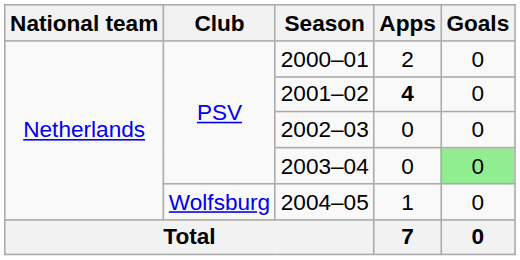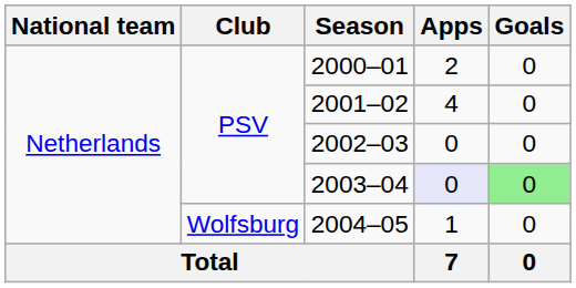 <table class="wikitable" style="text-align: center; font-size:90%">
 <tr>
 <th>National team</th>
 <th>Club</th>
 <th>Season</th>
 <th>Apps</th>
 <th>Goals</th>
 </tr>
 <tr>
 <td rowspan="5" valign="center"><a href='#'>Netherlands</a></td>
 <td rowspan="4" valign="center"><a href='#'>PSV</a></td>
 <td>2000–01</td>
 <td>2</td>
 <td>0</td>
 </tr>
 <tr>
 <td>2001–02</td>
-<td><strong>4</strong></td>
+<td>4</td>
 <td>0</td>
 </tr>
 <tr>
 <td>2002–03</td>
 <td>0</td>
 <td>0</td>
 </tr>
 <tr>
 <td>2003–04</td>
-<td>0</td>
+<td style="background: lavender;">0</td>
 <td style="background: lightgreen;">0</td>
 </tr>
 <tr>
 <td rowspan="1" valign="center"><a href='#'>Wolfsburg</a></td>
 <td>2004–05</td>
 <td>1</td>
 <td>0</td>
 </tr>
 <tr>
 <th colspan="3">Total</th>
 <th>7</th>
 <th>0</th>
 </tr>
 </table>
